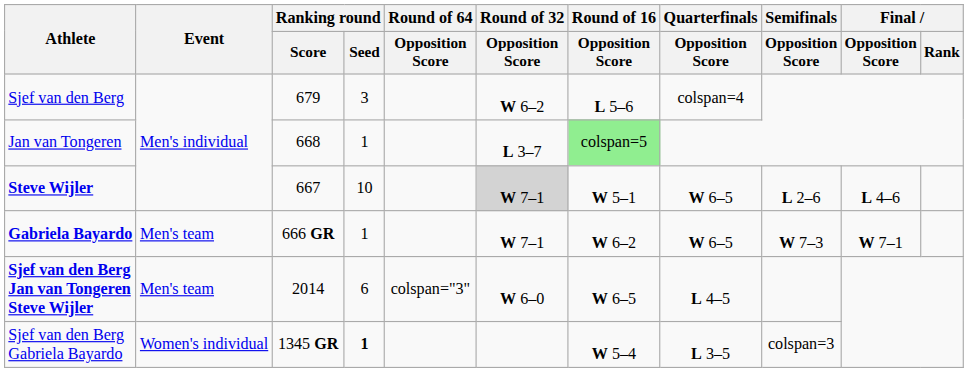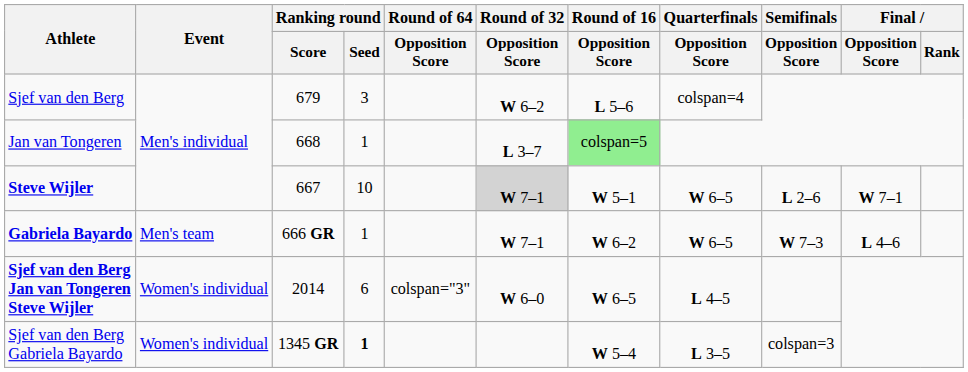 <table class="wikitable" style="text-align:center; font-size:90%">
 <tr>
 <th rowspan="2">Athlete</th>
 <th rowspan="2">Event</th>
 <th colspan="2">Ranking round</th>
 <th>Round of 64</th>
 <th>Round of 32</th>
 <th>Round of 16</th>
 <th>Quarterfinals</th>
 <th>Semifinals</th>
 <th colspan="2">Final / </th>
 </tr>
 <tr style="font-size:95%">
 <th>Score</th>
 <th>Seed</th>
 <th>Opposition<br>Score</th>
 <th>Opposition<br>Score</th>
 <th>Opposition<br>Score</th>
 <th>Opposition<br>Score</th>
 <th>Opposition<br>Score</th>
 <th>Opposition<br>Score</th>
 <th>Rank</th>
 </tr>
 <tr>
 <td align="left"><a href='#'>Sjef van den Berg</a></td>
 <td align="left" rowspan="3"><a href='#'>Men's individual</a></td>
 <td>679</td>
 <td>3</td>
 <td></td>
 <td><br><strong>W</strong> 6–2</td>
 <td><br><strong>L</strong> 5–6</td>
 <td>colspan=4 </td>
 </tr>
 <tr>
 <td align="left"><a href='#'>Jan van Tongeren</a></td>
 <td>668</td>
 <td>1</td>
 <td></td>
 <td><br><strong>L</strong> 3–7</td>
 <td style="background: lightgreen;">colspan=5 </td>
 </tr>
 <tr>
 <td align="left"><strong><a href='#'>Steve Wijler</a></strong></td>
 <td>667</td>
 <td>10</td>
 <td></td>
 <td style="background: lightgrey;"><br><strong>W</strong> 7–1</td>
 <td><br><strong>W</strong> 5–1</td>
 <td><br><strong>W</strong> 6–5</td>
 <td><br><strong>L</strong> 2–6</td>
-<td><br><strong>L</strong> 4–6</td>
+<td><br><strong>W</strong> 7–1</td>
 <td></td>
 </tr>
 <tr>
 <td align="left"><strong><a href='#'>Gabriela Bayardo</a></strong></td>
 <td align="left"><a href='#'>Men's team</a></td>
 <td>666 <strong>GR</strong></td>
 <td>1</td>
 <td></td>
 <td><br><strong>W</strong> 7–1</td>
 <td><br><strong>W</strong> 6–2</td>
 <td><br><strong>W</strong> 6–5</td>
 <td><br><strong>W</strong> 7–3</td>
-<td><br><strong>W</strong> 7–1</td>
+<td><br><strong>L</strong> 4–6</td>
 <td></td>
 </tr>
 <tr>
 <td align="left"><strong><a href='#'>Sjef van den Berg</a><br><a href='#'>Jan van Tongeren</a><br><a href='#'>Steve Wijler</a></strong></td>
-<td align="left"><a href='#'>Men's team</a></td>
+<td align="left"><a href='#'>Women's individual</a></td>
 <td>2014</td>
 <td>6</td>
 <td>colspan="3" </td>
 <td><br><strong>W</strong> 6–0</td>
 <td><br><strong>W</strong> 6–5</td>
 <td><br><strong>L</strong> 4–5</td>
 <td></td>
 </tr>
 <tr>
 <td align="left"><a href='#'>Sjef van den Berg</a><br><a href='#'>Gabriela Bayardo</a></td>
 <td align="left"><a href='#'>Women's individual</a></td>
 <td>1345 <strong>GR</strong></td>
 <td><strong>1</strong></td>
 <td></td>
 <td></td>
 <td><br><strong>W</strong> 5–4</td>
 <td><br><strong>L</strong> 3–5</td>
 <td>colspan=3 </td>
 </tr>
 </table>
